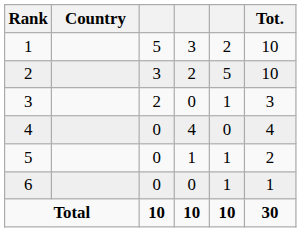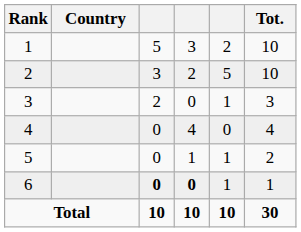 <table class=wikitable width=40% cellspacing="1" cellpadding="3" style="border:1px solid #AAAAAA;font-size:90%; text-align:center">
 <tr bgcolor="#EFEFEF">
 <th width=10%>Rank</th>
 <th width=30%>Country</th>
 <th></th>
 <th></th>
 <th></th>
 <th>Tot.</th>
 </tr>
 <tr>
 <td>1</td>
 <td align=left></td>
 <td>5</td>
 <td>3</td>
 <td>2</td>
 <td>10</td>
 </tr>
 <tr bgcolor="#efefef">
 <td>2</td>
 <td align=left></td>
 <td>3</td>
 <td>2</td>
 <td>5</td>
 <td>10</td>
 </tr>
 <tr>
 <td>3</td>
 <td align=left></td>
 <td>2</td>
 <td>0</td>
 <td>1</td>
 <td>3</td>
 </tr>
 <tr bgcolor="#efefef">
 <td>4</td>
 <td align=left></td>
 <td>0</td>
 <td>4</td>
 <td>0</td>
 <td>4</td>
 </tr>
 <tr>
 <td>5</td>
 <td align=left></td>
 <td>0</td>
 <td>1</td>
 <td>1</td>
 <td>2</td>
 </tr>
 <tr bgcolor="#efefef">
 <td>6</td>
 <td align=left></td>
-<td>0</td>
-<td>0</td>
+<td><strong>0</strong></td>
+<td><strong>0</strong></td>
 <td>1</td>
 <td>1</td>
 </tr>
 <tr>
 <td colspan=2><strong>Total</strong></td>
 <td><strong>10</strong></td>
 <td><strong>10</strong></td>
 <td><strong>10</strong></td>
 <td><strong>30</strong></td>
 </tr>
 </table>
